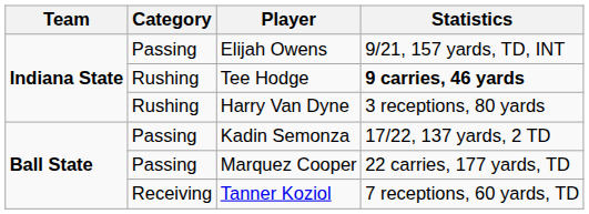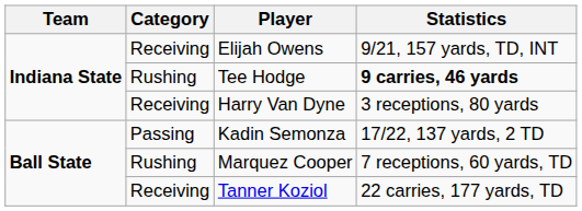 <table class="wikitable" style="float: right;">
 <tr>
 <th>Team</th>
 <th>Category</th>
 <th>Player</th>
 <th>Statistics</th>
 </tr>
 <tr>
 <td rowspan=3><strong>Indiana State</strong></td>
-<td>Passing</td>
+<td>Receiving</td>
 <td>Elijah Owens</td>
 <td>9/21, 157 yards, TD, INT</td>
 </tr>
 <tr>
 <td>Rushing</td>
 <td>Tee Hodge</td>
 <td><strong>9 carries, 46 yards</strong></td>
 </tr>
 <tr>
-<td>Rushing</td>
+<td>Receiving</td>
 <td>Harry Van Dyne</td>
 <td>3 receptions, 80 yards</td>
 </tr>
 <tr>
 <td rowspan=3><strong>Ball State</strong></td>
 <td>Passing</td>
 <td>Kadin Semonza</td>
 <td>17/22, 137 yards, 2 TD</td>
 </tr>
 <tr>
-<td>Passing</td>
+<td>Rushing</td>
 <td>Marquez Cooper</td>
-<td>22 carries, 177 yards, TD</td>
+<td>7 receptions, 60 yards, TD</td>
 </tr>
 <tr>
 <td>Receiving</td>
 <td><a href='#'>Tanner Koziol</a></td>
-<td>7 receptions, 60 yards, TD</td>
+<td>22 carries, 177 yards, TD</td>
 </tr>
 </table>
